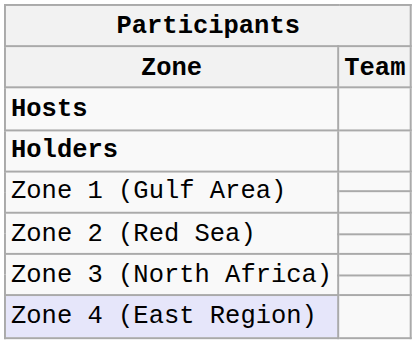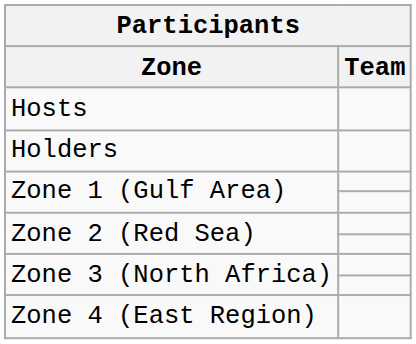 <table class="wikitable">
 <tr>
 <th colspan=2>Participants</th>
 </tr>
 <tr>
 <th>Zone</th>
 <th>Team</th>
 </tr>
 <tr>
-<td rowspan=1><strong>Hosts</strong></td>
+<td rowspan=1>Hosts</td>
 <td></td>
 </tr>
 <tr>
-<td rowspan=1><strong>Holders</strong></td>
+<td rowspan=1>Holders</td>
 <td></td>
 </tr>
 <tr>
 <td rowspan=2>Zone 1 (Gulf Area)</td>
 <td></td>
 </tr>
 <tr>
 <td></td>
 </tr>
 <tr>
 <td rowspan=2>Zone 2 (Red Sea)</td>
 <td></td>
 </tr>
 <tr>
 <td></td>
 </tr>
 <tr>
 <td rowspan=2>Zone 3 (North Africa)</td>
 <td> </td>
 </tr>
 <tr>
 <td></td>
 </tr>
 <tr>
-<td rowspan=1 style="background: lavender;">Zone 4 (East Region)</td>
+<td rowspan=1>Zone 4 (East Region)</td>
 <td></td>
 </tr>
 </table>
